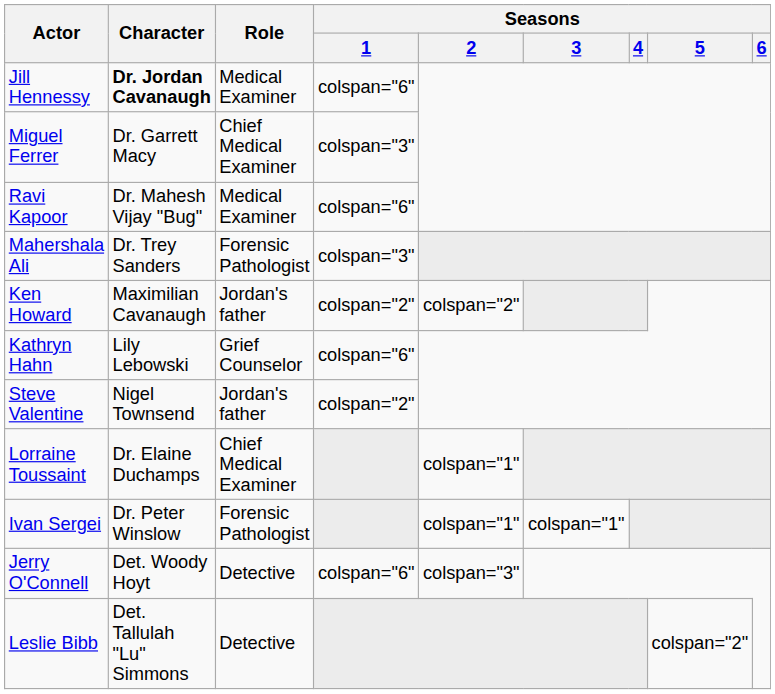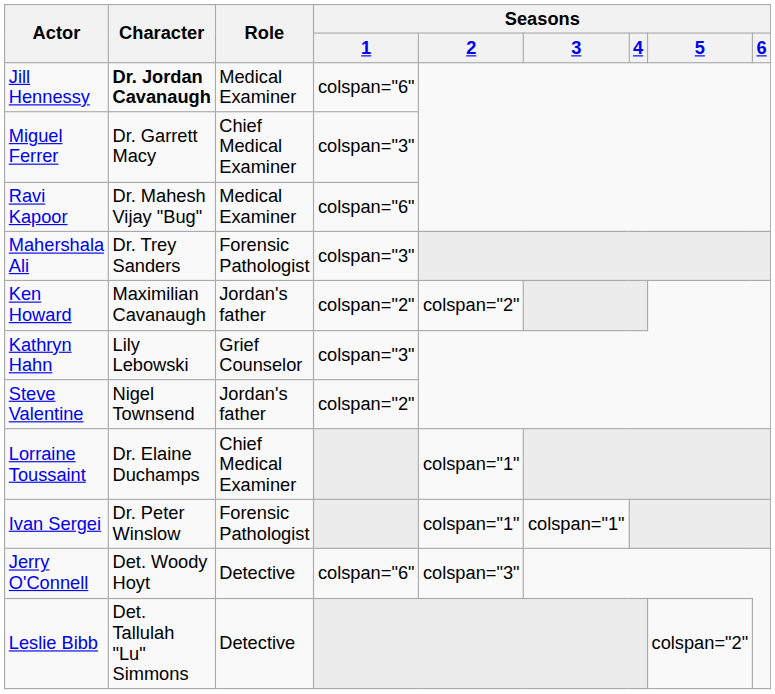 <table class="wikitable">
 <tr>
 <th style="width:15%;" rowspan="2">Actor</th>
 <th style="width:15%;" rowspan="2">Character</th>
 <th style="width:15%;" rowspan="2">Role</th>
 <th colspan="6">Seasons</th>
 </tr>
 <tr>
 <th style="width:7%;"><a href='#'>1</a></th>
 <th style="width:7%;"><a href='#'>2</a></th>
 <th style="width:7%;"><a href='#'>3</a></th>
 <th style="width:7%;"><a href='#'>4</a></th>
 <th style="width:7%;"><a href='#'>5</a></th>
 <th style="width:7%;"><a href='#'>6</a></th>
 </tr>
 <tr>
 <td><a href='#'>Jill Hennessy</a></td>
 <td><strong>Dr. Jordan Cavanaugh</strong></td>
 <td>Medical Examiner</td>
 <td>colspan="6" </td>
 </tr>
 <tr>
 <td><a href='#'>Miguel Ferrer</a></td>
 <td>Dr. Garrett Macy</td>
 <td>Chief Medical Examiner</td>
 <td>colspan="3" </td>
 </tr>
 <tr>
 <td><a href='#'>Ravi Kapoor</a></td>
 <td>Dr. Mahesh Vijay "Bug"</td>
 <td>Medical Examiner</td>
 <td>colspan="6" </td>
 </tr>
 <tr>
 <td><a href='#'>Mahershala Ali</a></td>
 <td>Dr. Trey Sanders</td>
 <td>Forensic Pathologist</td>
 <td>colspan="3" </td>
 <td colspan="5" style="background: #ececec; color: grey; vertical-align: middle; text-align: center; " class="table-na"></td>
 </tr>
 <tr>
 <td><a href='#'>Ken Howard</a></td>
 <td>Maximilian Cavanaugh</td>
 <td>Jordan's father</td>
 <td>colspan="2" </td>
 <td>colspan="2" </td>
 <td colspan="2" style="background: #ececec; color: grey; vertical-align: middle; text-align: center; " class="table-na"></td>
 </tr>
 <tr>
 <td><a href='#'>Kathryn Hahn</a></td>
 <td>Lily Lebowski</td>
 <td>Grief Counselor</td>
-<td>colspan="6" </td>
+<td>colspan="3" </td>
 </tr>
 <tr>
 <td><a href='#'>Steve Valentine</a></td>
 <td>Nigel Townsend</td>
 <td>Jordan's father</td>
 <td>colspan="2" </td>
 </tr>
 <tr>
 <td><a href='#'>Lorraine Toussaint</a></td>
 <td>Dr. Elaine Duchamps</td>
 <td>Chief Medical Examiner</td>
 <td colspan="1" style="background: #ececec; color: grey; vertical-align: middle; text-align: center; " class="table-na"></td>
 <td>colspan="1" </td>
 <td colspan="4" style="background: #ececec; color: grey; vertical-align: middle; text-align: center; " class="table-na"></td>
 </tr>
 <tr>
 <td><a href='#'>Ivan Sergei</a></td>
 <td>Dr. Peter Winslow</td>
 <td>Forensic Pathologist</td>
 <td colspan="1" style="background: #ececec; color: grey; vertical-align: middle; text-align: center; " class="table-na"></td>
 <td>colspan="1" </td>
 <td>colspan="1" </td>
 <td colspan="3" style="background: #ececec; color: grey; vertical-align: middle; text-align: center; " class="table-na"></td>
 </tr>
 <tr>
 <td><a href='#'>Jerry O'Connell</a></td>
 <td>Det. Woody Hoyt</td>
 <td>Detective</td>
 <td>colspan="6" </td>
 <td>colspan="3" </td>
 </tr>
 <tr>
 <td><a href='#'>Leslie Bibb</a></td>
 <td>Det. Tallulah "Lu" Simmons</td>
 <td>Detective</td>
 <td colspan="4" style="background: #ececec; color: grey; vertical-align: middle; text-align: center; " class="table-na"></td>
 <td>colspan="2" </td>
 </tr>
 </table>
